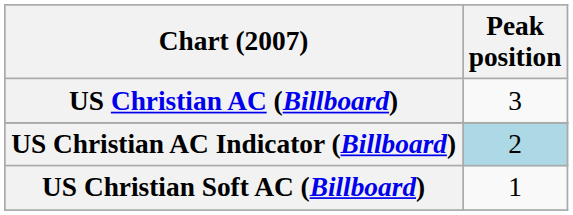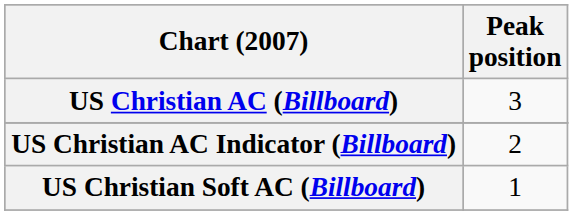 <table class="wikitable sortable plainrowheaders" style="text-align:center">
 <tr>
 <th scope="col">Chart (2007)</th>
 <th scope="col">Peak<br> position</th>
 </tr>
 <tr>
 <th scope="row">US <a href='#'>Christian AC</a> (<em><a href='#'>Billboard</a></em>)</th>
 <td>3</td>
 </tr>
 <tr>
 </tr>
 <tr>
 </tr>
 <tr>
 <th scope="row">US Christian AC Indicator (<em><a href='#'>Billboard</a></em>)</th>
-<td align="center" style="background: lightblue;">2</td>
+<td align="center">2</td>
 </tr>
 <tr>
 <th scope="row">US Christian Soft AC (<em><a href='#'>Billboard</a></em>)</th>
 <td align="center">1</td>
 </tr>
 </table>
